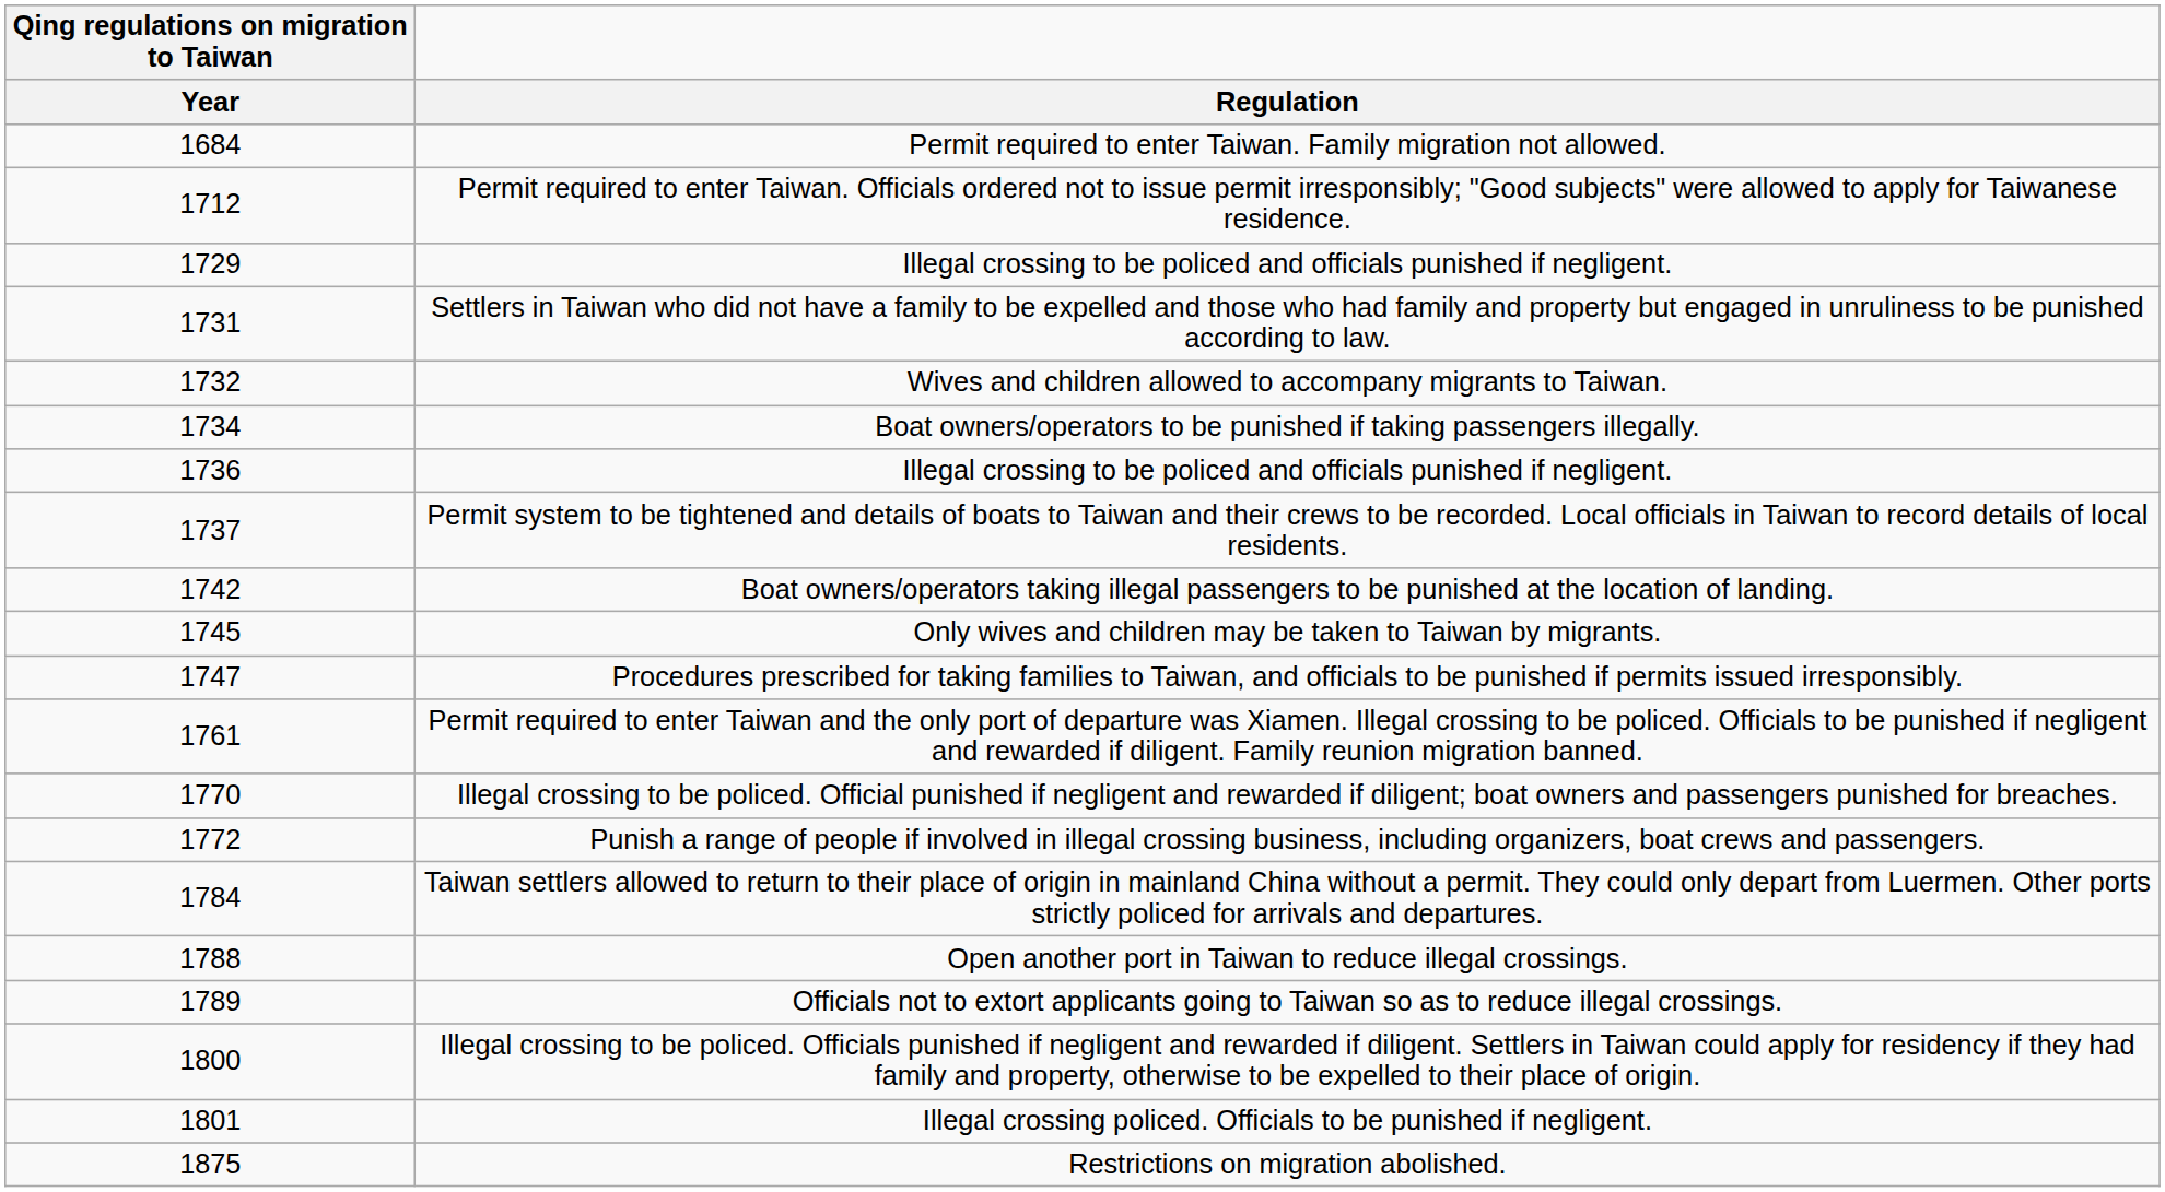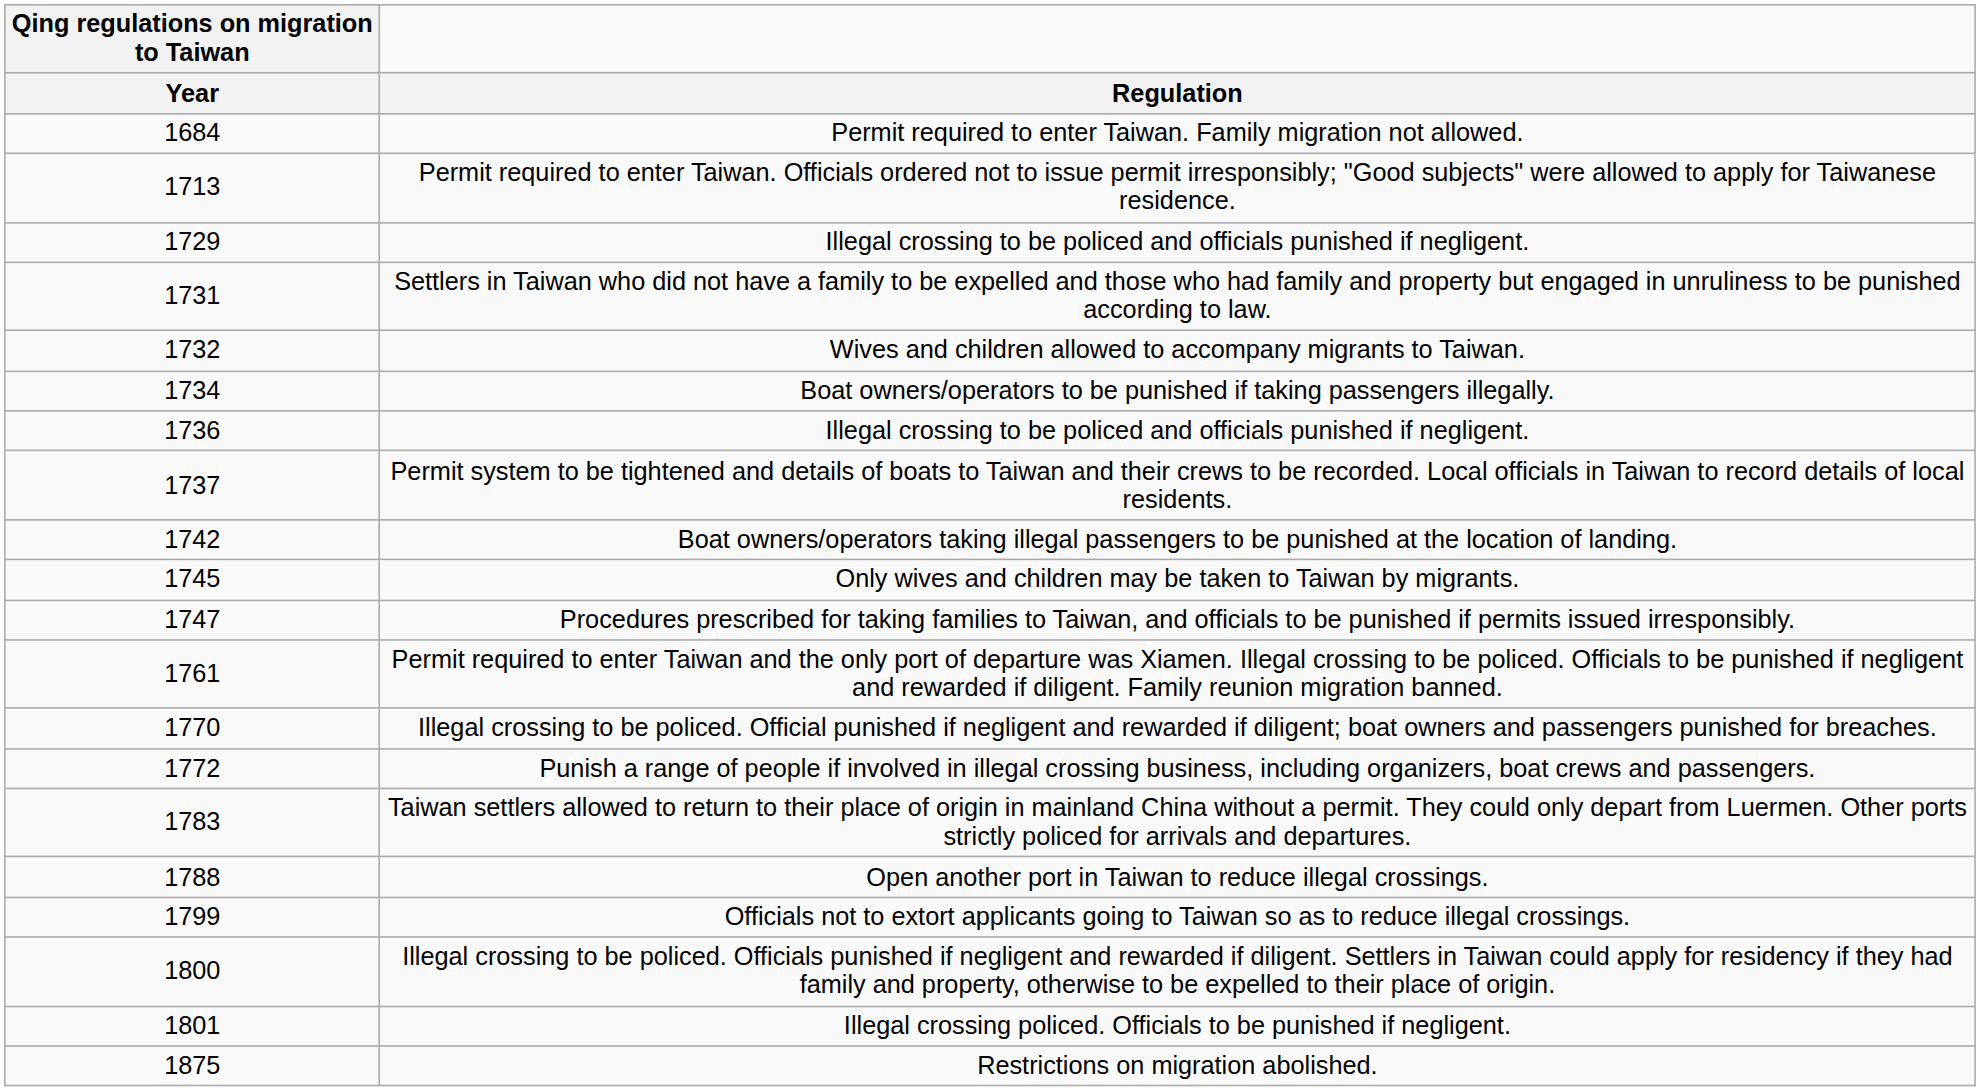 <table class="wikitable collapsible collapsed" style="text-align:center">
 <tr style="background:#CCCC;">
 <th>Qing regulations on migration to Taiwan</th>
 </tr>
 <tr>
 <th>Year</th>
 <th>Regulation</th>
 </tr>
 <tr>
 <td>1684</td>
 <td>Permit required to enter Taiwan. Family migration not allowed.</td>
 </tr>
 <tr>
-<td>1712</td>
+<td>1713</td>
 <td>Permit required to enter Taiwan. Officials ordered not to issue permit irresponsibly; "Good subjects" were allowed to apply for Taiwanese residence.</td>
 </tr>
 <tr>
 <td>1729</td>
 <td>Illegal crossing to be policed and officials punished if negligent.</td>
 </tr>
 <tr>
 <td>1731</td>
 <td>Settlers in Taiwan who did not have a family to be expelled and those who had family and property but engaged in unruliness to be punished according to law.</td>
 </tr>
 <tr>
 <td>1732</td>
 <td>Wives and children allowed to accompany migrants to Taiwan.</td>
 </tr>
 <tr>
 <td>1734</td>
 <td>Boat owners/operators to be punished if taking passengers illegally.</td>
 </tr>
 <tr>
 <td>1736</td>
 <td>Illegal crossing to be policed and officials punished if negligent.</td>
 </tr>
 <tr>
 <td>1737</td>
 <td>Permit system to be tightened and details of boats to Taiwan and their crews to be recorded. Local officials in Taiwan to record details of local residents.</td>
 </tr>
 <tr>
 <td>1742</td>
 <td>Boat owners/operators taking illegal passengers to be punished at the location of landing.</td>
 </tr>
 <tr>
 <td>1745</td>
 <td>Only wives and children may be taken to Taiwan by migrants.</td>
 </tr>
 <tr>
 <td>1747</td>
 <td>Procedures prescribed for taking families to Taiwan, and officials to be punished if permits issued irresponsibly.</td>
 </tr>
 <tr>
 <td>1761</td>
 <td>Permit required to enter Taiwan and the only port of departure was Xiamen. Illegal crossing to be policed. Officials to be punished if negligent and rewarded if diligent. Family reunion migration banned.</td>
 </tr>
 <tr>
 <td>1770</td>
 <td>Illegal crossing to be policed. Official punished if negligent and rewarded if diligent; boat owners and passengers punished for breaches.</td>
 </tr>
 <tr>
 <td>1772</td>
 <td>Punish a range of people if involved in illegal crossing business, including organizers, boat crews and passengers.</td>
 </tr>
 <tr>
-<td>1784</td>
+<td>1783</td>
 <td>Taiwan settlers allowed to return to their place of origin in mainland China without a permit. They could only depart from Luermen. Other ports strictly policed for arrivals and departures.</td>
 </tr>
 <tr>
 <td>1788</td>
 <td>Open another port in Taiwan to reduce illegal crossings.</td>
 </tr>
 <tr>
-<td>1789</td>
+<td>1799</td>
 <td>Officials not to extort applicants going to Taiwan so as to reduce illegal crossings.</td>
 </tr>
 <tr>
 <td>1800</td>
 <td>Illegal crossing to be policed. Officials punished if negligent and rewarded if diligent. Settlers in Taiwan could apply for residency if they had family and property, otherwise to be expelled to their place of origin.</td>
 </tr>
 <tr>
 <td>1801</td>
 <td>Illegal crossing policed. Officials to be punished if negligent.</td>
 </tr>
 <tr>
 <td>1875</td>
 <td>Restrictions on migration abolished.</td>
 </tr>
 </table>
